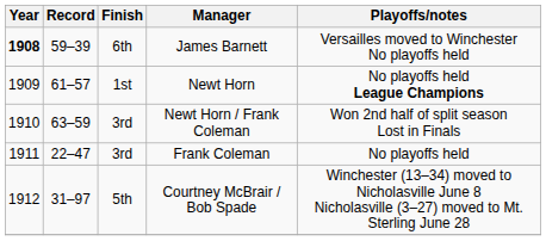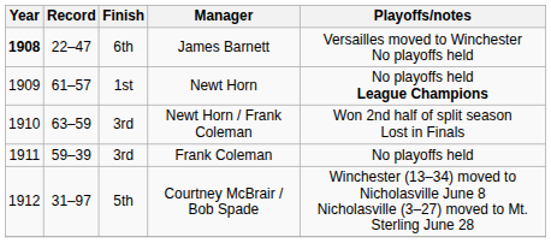 <table class="wikitable">
 <tr style="background: #F2F2F2;">
 <th>Year</th>
 <th>Record</th>
 <th>Finish</th>
 <th>Manager</th>
 <th>Playoffs/notes</th>
 </tr>
 <tr align=center>
 <td><strong>1908</strong></td>
-<td>59–39</td>
+<td>22–47</td>
 <td>6th</td>
 <td>James Barnett</td>
 <td>Versailles moved to Winchester<br>No playoffs held</td>
 </tr>
 <tr align=center>
 <td>1909</td>
 <td>61–57</td>
 <td>1st</td>
 <td>Newt Horn</td>
 <td>No playoffs held<br><strong>League Champions</strong></td>
 </tr>
 <tr align=center>
 <td>1910</td>
 <td>63–59</td>
 <td>3rd</td>
 <td>Newt Horn / Frank Coleman</td>
 <td>Won 2nd half of split season<br> Lost in Finals</td>
 </tr>
 <tr align=center>
 <td>1911</td>
-<td>22–47</td>
+<td>59–39</td>
 <td>3rd</td>
 <td>Frank Coleman</td>
 <td>No playoffs held</td>
 </tr>
 <tr align=center>
 <td>1912</td>
 <td>31–97</td>
 <td>5th</td>
 <td>Courtney McBrair / Bob Spade</td>
 <td>Winchester (13–34) moved to Nicholasville June 8<br>Nicholasville (3–27) moved to Mt. Sterling June 28</td>
 </tr>
 <tr align=center>
 </tr>
 </table>
